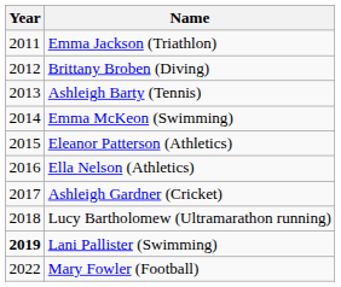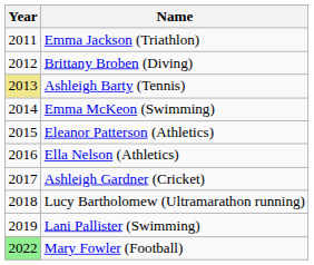 <table class="wikitable sortable">
 <tr>
 <th>Year</th>
 <th>Name</th>
 </tr>
 <tr>
 <td>2011</td>
 <td><a href='#'>Emma Jackson</a> (Triathlon)</td>
 </tr>
 <tr>
 <td>2012</td>
 <td><a href='#'>Brittany Broben</a> (Diving)</td>
 </tr>
 <tr>
-<td>2013</td>
+<td style="background: khaki;">2013</td>
 <td><a href='#'>Ashleigh Barty</a> (Tennis)</td>
 </tr>
 <tr>
 <td>2014</td>
 <td><a href='#'>Emma McKeon</a> (Swimming)</td>
 </tr>
 <tr>
 <td>2015</td>
 <td><a href='#'>Eleanor Patterson</a> (Athletics)</td>
 </tr>
 <tr>
 <td>2016</td>
 <td><a href='#'>Ella Nelson</a> (Athletics)</td>
 </tr>
 <tr>
 <td>2017</td>
 <td><a href='#'>Ashleigh Gardner</a> (Cricket)</td>
 </tr>
 <tr>
 <td>2018</td>
 <td>Lucy Bartholomew (Ultramarathon running)</td>
 </tr>
 <tr>
-<td><strong>2019</strong></td>
+<td>2019</td>
 <td><a href='#'>Lani Pallister</a> (Swimming)</td>
 </tr>
 <tr>
-<td>2022</td>
+<td style="background: lightgreen;">2022</td>
 <td><a href='#'>Mary Fowler</a> (Football)</td>
 </tr>
 </table>
